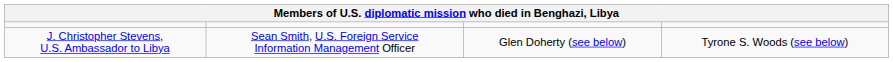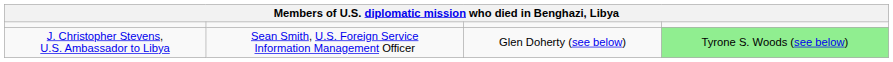 <table class="wikitable"  style="width:100%; text-align:center;">
 <tr>
 <th colspan=4>Members of U.S. <a href='#'>diplomatic mission</a> who died in Benghazi, Libya</th>
 </tr>
 <tr>
 <td></td>
 <td></td>
 <td></td>
 <td></td>
 </tr>
 <tr>
 <td><a href='#'>J. Christopher Stevens</a>, <br> <a href='#'>U.S. Ambassador to Libya</a></td>
 <td><a href='#'>Sean Smith</a>, <a href='#'>U.S. Foreign Service</a> <br> <a href='#'>Information Management</a> Officer</td>
 <td>Glen Doherty (<a href='#'>see below</a>)</td>
-<td>Tyrone S. Woods (<a href='#'>see below</a>)</td>
+<td style="background: lightgreen;">Tyrone S. Woods (<a href='#'>see below</a>)</td>
 </tr>
 </table>
